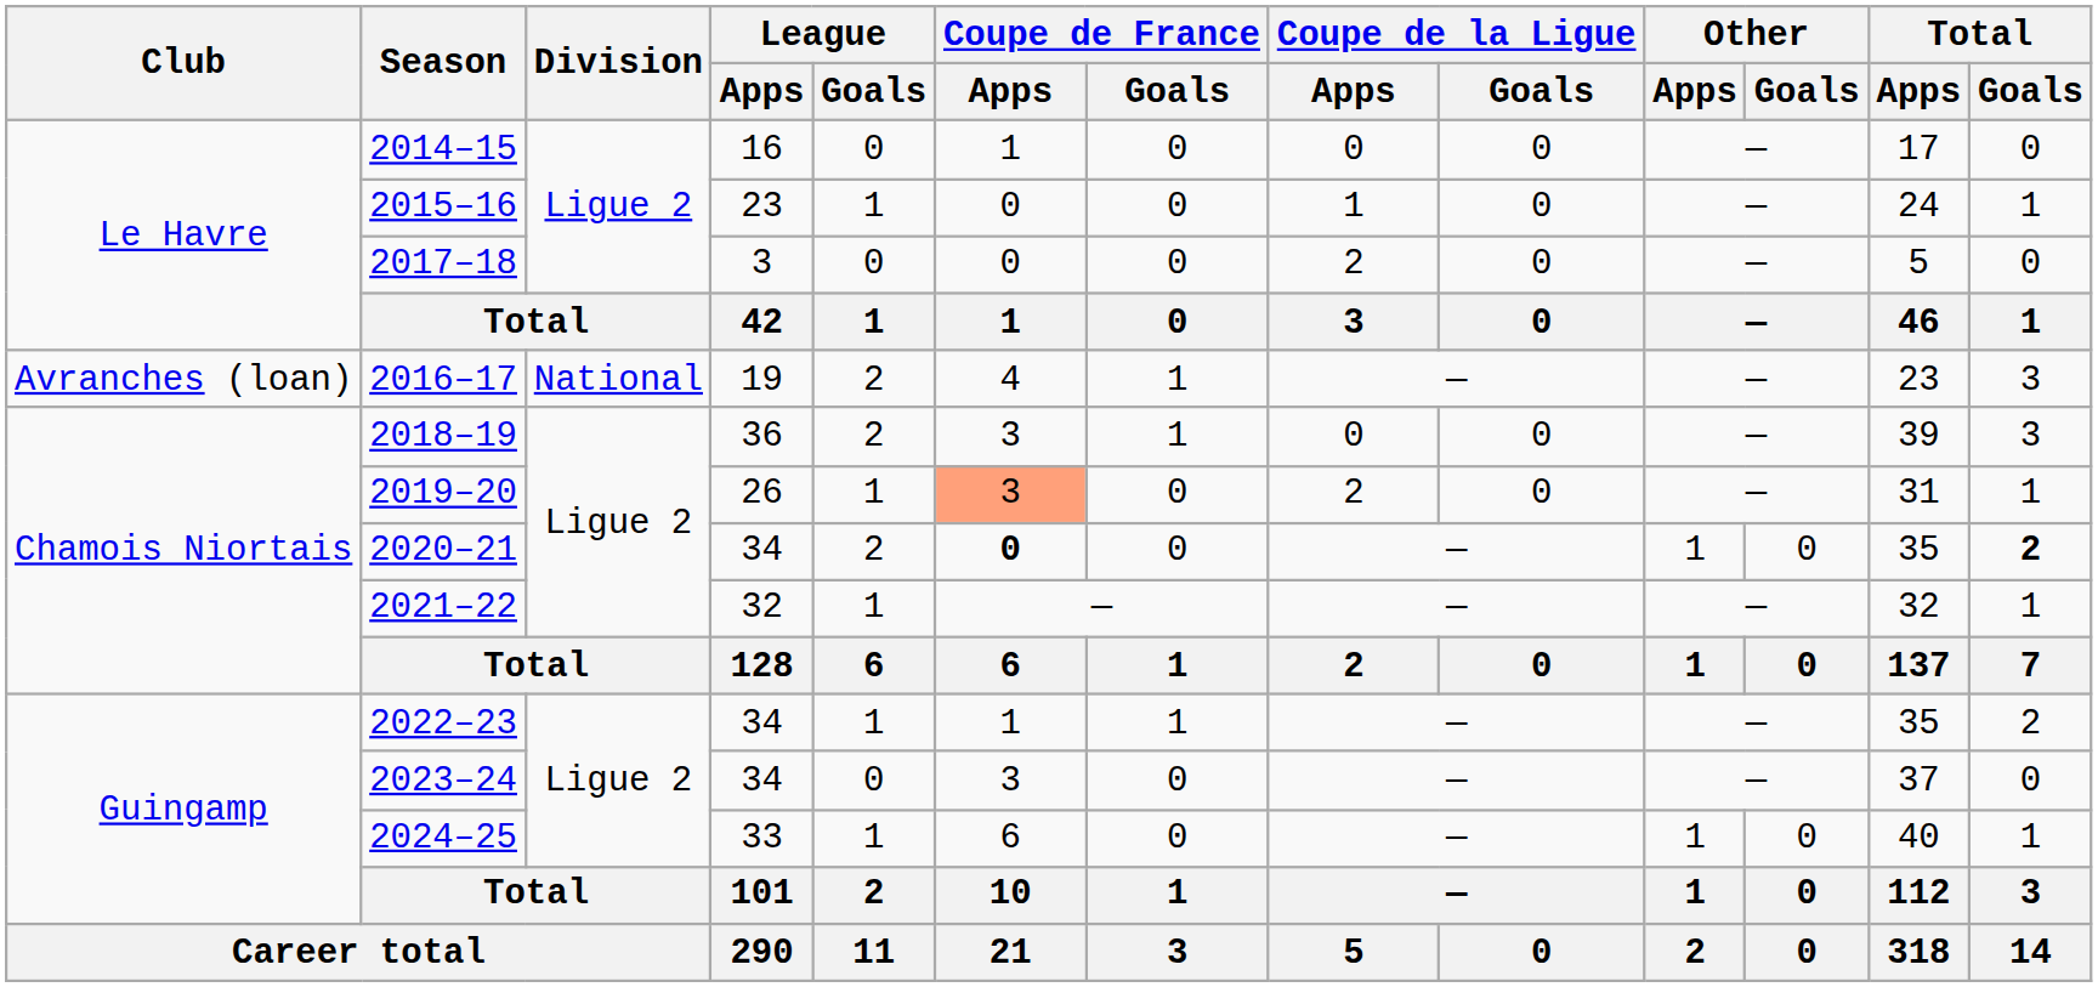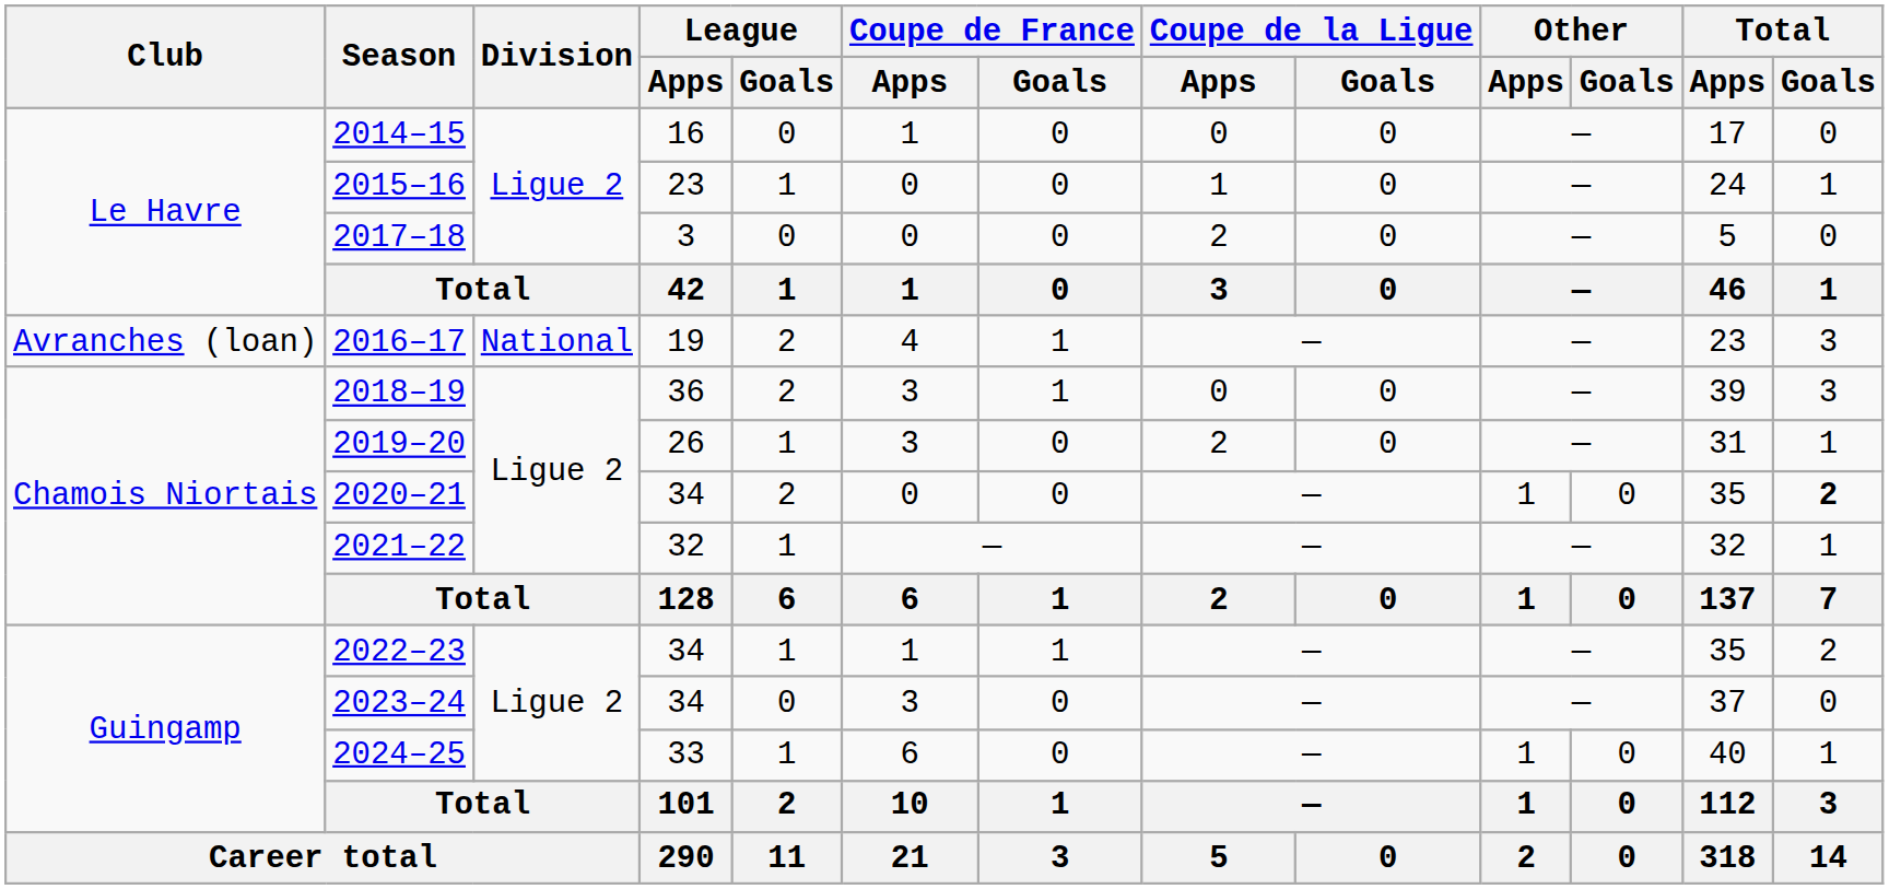 <table class="wikitable" style="text-align: center">
 <tr>
 <th rowspan="2">Club</th>
 <th rowspan="2">Season</th>
 <th rowspan="2">Division</th>
 <th colspan="2">League</th>
 <th colspan="2"><a href='#'>Coupe de France</a></th>
 <th colspan="2"><a href='#'>Coupe de la Ligue</a></th>
 <th colspan="2">Other</th>
 <th colspan="2">Total</th>
 </tr>
 <tr>
 <th>Apps</th>
 <th>Goals</th>
 <th>Apps</th>
 <th>Goals</th>
 <th>Apps</th>
 <th>Goals</th>
 <th>Apps</th>
 <th>Goals</th>
 <th>Apps</th>
 <th>Goals</th>
 </tr>
 <tr>
 <td rowspan="4"><a href='#'>Le Havre</a></td>
 <td><a href='#'>2014–15</a></td>
 <td rowspan="3"><a href='#'>Ligue 2</a></td>
 <td>16</td>
 <td>0</td>
 <td>1</td>
 <td>0</td>
 <td>0</td>
 <td>0</td>
 <td colspan="2">—</td>
 <td>17</td>
 <td>0</td>
 </tr>
 <tr>
 <td><a href='#'>2015–16</a></td>
 <td>23</td>
 <td>1</td>
 <td>0</td>
 <td>0</td>
 <td>1</td>
 <td>0</td>
 <td colspan="2">—</td>
 <td>24</td>
 <td>1</td>
 </tr>
 <tr>
 <td><a href='#'>2017–18</a></td>
 <td>3</td>
 <td>0</td>
 <td>0</td>
 <td>0</td>
 <td>2</td>
 <td>0</td>
 <td colspan="2">—</td>
 <td>5</td>
 <td>0</td>
 </tr>
 <tr>
 <th colspan="2">Total</th>
 <th>42</th>
 <th>1</th>
 <th>1</th>
 <th>0</th>
 <th>3</th>
 <th>0</th>
 <th colspan="2">—</th>
 <th>46</th>
 <th>1</th>
 </tr>
 <tr>
 <td><a href='#'>Avranches</a> (loan)</td>
 <td><a href='#'>2016–17</a></td>
 <td><a href='#'>National</a></td>
 <td>19</td>
 <td>2</td>
 <td>4</td>
 <td>1</td>
 <td colspan="2">—</td>
 <td colspan="2">—</td>
 <td>23</td>
 <td>3</td>
 </tr>
 <tr>
 <td rowspan="5"><a href='#'>Chamois Niortais</a></td>
 <td><a href='#'>2018–19</a></td>
 <td rowspan="4">Ligue 2</td>
 <td>36</td>
 <td>2</td>
 <td>3</td>
 <td>1</td>
 <td>0</td>
 <td>0</td>
 <td colspan="2">—</td>
 <td>39</td>
 <td>3</td>
 </tr>
 <tr>
 <td><a href='#'>2019–20</a></td>
 <td>26</td>
 <td>1</td>
-<td style="background: lightsalmon;">3</td>
+<td>3</td>
 <td>0</td>
 <td>2</td>
 <td>0</td>
 <td colspan="2">—</td>
 <td>31</td>
 <td>1</td>
 </tr>
 <tr>
 <td><a href='#'>2020–21</a></td>
 <td>34</td>
 <td>2</td>
-<td><strong>0</strong></td>
+<td>0</td>
 <td>0</td>
 <td colspan="2">—</td>
 <td>1</td>
 <td>0</td>
 <td>35</td>
 <td><strong>2</strong></td>
 </tr>
 <tr>
 <td><a href='#'>2021–22</a></td>
 <td>32</td>
 <td>1</td>
 <td colspan="2">—</td>
 <td colspan="2">—</td>
 <td colspan="2">—</td>
 <td>32</td>
 <td>1</td>
 </tr>
 <tr>
 <th colspan="2">Total</th>
 <th>128</th>
 <th>6</th>
 <th>6</th>
 <th>1</th>
 <th>2</th>
 <th>0</th>
 <th>1</th>
 <th>0</th>
 <th>137</th>
 <th>7</th>
 </tr>
 <tr>
 <td rowspan="4"><a href='#'>Guingamp</a></td>
 <td><a href='#'>2022–23</a></td>
 <td rowspan="3">Ligue 2</td>
 <td>34</td>
 <td>1</td>
 <td>1</td>
 <td>1</td>
 <td colspan="2">—</td>
 <td colspan="2">—</td>
 <td>35</td>
 <td>2</td>
 </tr>
 <tr>
 <td><a href='#'>2023–24</a></td>
 <td>34</td>
 <td>0</td>
 <td>3</td>
 <td>0</td>
 <td colspan="2">—</td>
 <td colspan="2">—</td>
 <td>37</td>
 <td>0</td>
 </tr>
 <tr>
 <td><a href='#'>2024–25</a></td>
 <td>33</td>
 <td>1</td>
 <td>6</td>
 <td>0</td>
 <td colspan="2">—</td>
 <td>1</td>
 <td>0</td>
 <td>40</td>
 <td>1</td>
 </tr>
 <tr>
 <th colspan="2">Total</th>
 <th>101</th>
 <th>2</th>
 <th>10</th>
 <th>1</th>
 <th colspan="2">—</th>
 <th>1</th>
 <th>0</th>
 <th>112</th>
 <th>3</th>
 </tr>
 <tr>
 <th colspan="3">Career total</th>
 <th>290</th>
 <th>11</th>
 <th>21</th>
 <th>3</th>
 <th>5</th>
 <th>0</th>
 <th>2</th>
 <th>0</th>
 <th>318</th>
 <th>14</th>
 </tr>
 </table>
